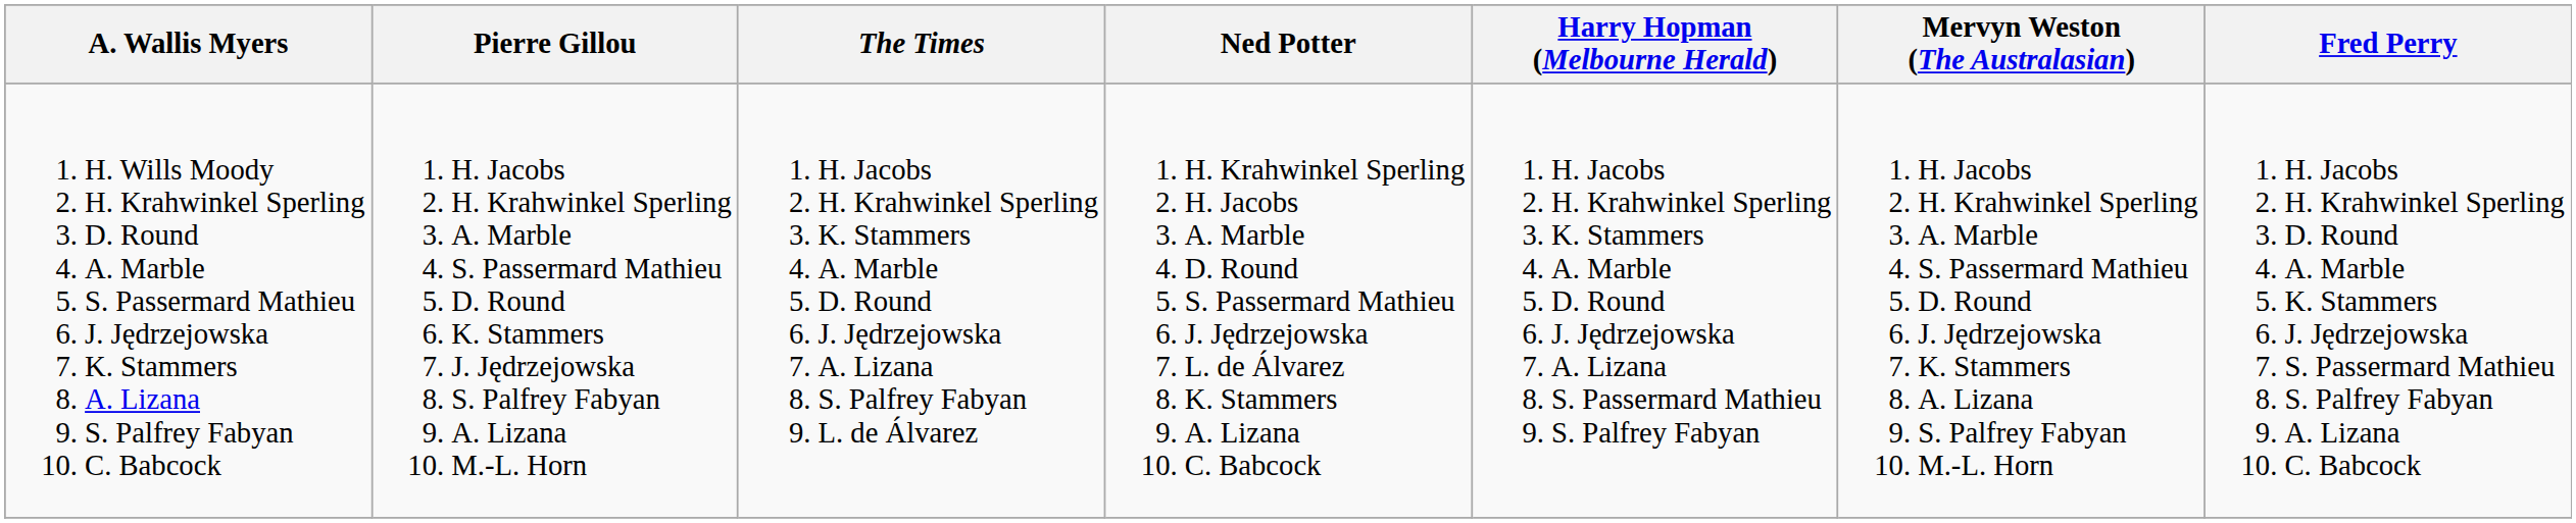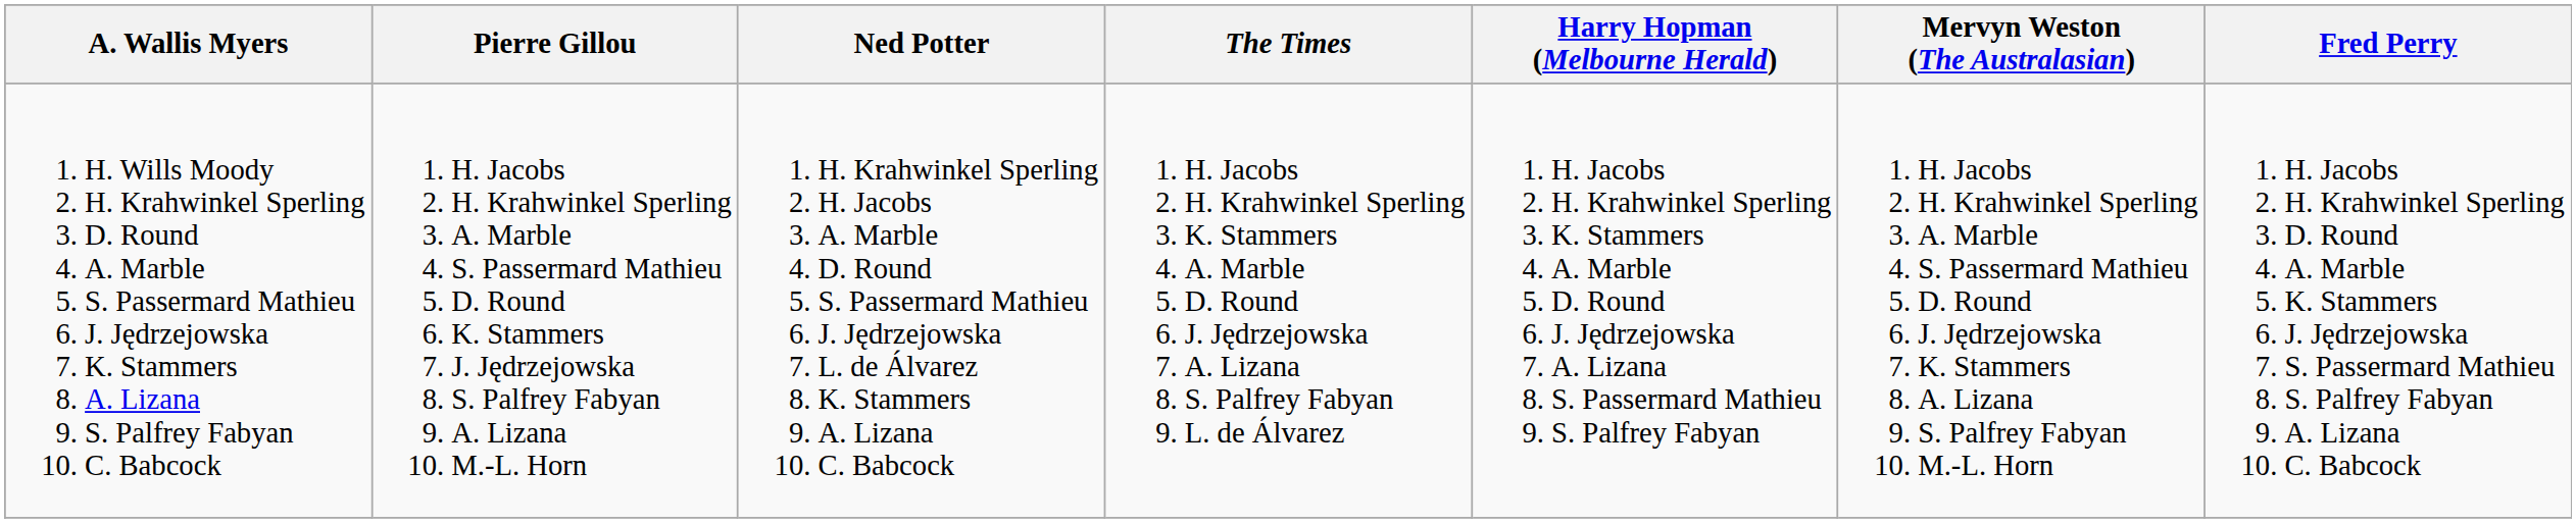 <table class="wikitable">
 <tr>
 <th>A. Wallis Myers</th>
 <th>Pierre Gillou</th>
+<th>Ned Potter</th>
 <th><em>The Times</em></th>
-<th>Ned Potter</th>
 <th><a href='#'>Harry Hopman</a><br>(<em><a href='#'>Melbourne Herald</a></em>)</th>
 <th>Mervyn Weston<br>(<em><a href='#'>The Australasian</a></em>)</th>
 <th><a href='#'>Fred Perry</a></th>
 </tr>
 <tr style="vertical-align: top;">
 <td style="white-space: nowrap;"><br><ol><li> H. Wills Moody</li><li> H. Krahwinkel Sperling</li><li> D. Round</li><li> A. Marble</li><li> S. Passermard Mathieu</li><li> J. Jędrzejowska</li><li> K. Stammers</li><li> <a href='#'>A. Lizana</a></li><li> S. Palfrey Fabyan</li><li> C. Babcock</li></ol></td>
 <td style="white-space: nowrap;"><br><ol><li> H. Jacobs</li><li> H. Krahwinkel Sperling</li><li> A. Marble</li><li> S. Passermard Mathieu</li><li> D. Round</li><li> K. Stammers</li><li> J. Jędrzejowska</li><li> S. Palfrey Fabyan</li><li> A. Lizana</li><li> M.-L. Horn</li></ol></td>
+<td style="white-space: nowrap;"><br><ol><li> H. Krahwinkel Sperling</li><li> H. Jacobs</li><li> A. Marble</li><li> D. Round</li><li> S. Passermard Mathieu</li><li> J. Jędrzejowska</li><li> L. de Álvarez</li><li> K. Stammers</li><li> A. Lizana</li><li> C. Babcock</li></ol></td>
 <td style="white-space: nowrap;"><br><ol><li> H. Jacobs</li><li> H. Krahwinkel Sperling</li><li> K. Stammers</li><li> A. Marble</li><li> D. Round</li><li> J. Jędrzejowska</li><li> A. Lizana</li><li> S. Palfrey Fabyan</li><li> L. de Álvarez</li></ol></td>
-<td style="white-space: nowrap;"><br><ol><li> H. Krahwinkel Sperling</li><li> H. Jacobs</li><li> A. Marble</li><li> D. Round</li><li> S. Passermard Mathieu</li><li> J. Jędrzejowska</li><li> L. de Álvarez</li><li> K. Stammers</li><li> A. Lizana</li><li> C. Babcock</li></ol></td>
 <td style="white-space: nowrap;"><br><ol><li> H. Jacobs</li><li> H. Krahwinkel Sperling</li><li> K. Stammers</li><li> A. Marble</li><li> D. Round</li><li> J. Jędrzejowska</li><li> A. Lizana</li><li> S. Passermard Mathieu</li><li> S. Palfrey Fabyan</li></ol></td>
 <td style="white-space: nowrap;"><br><ol><li> H. Jacobs</li><li> H. Krahwinkel Sperling</li><li> A. Marble</li><li> S. Passermard Mathieu</li><li> D. Round</li><li> J. Jędrzejowska</li><li> K. Stammers</li><li> A. Lizana</li><li> S. Palfrey Fabyan</li><li> M.-L. Horn</li></ol></td>
 <td style="white-space: nowrap;"><br><ol><li> H. Jacobs</li><li> H. Krahwinkel Sperling</li><li> D. Round</li><li> A. Marble</li><li> K. Stammers</li><li> J. Jędrzejowska</li><li> S. Passermard Mathieu</li><li> S. Palfrey Fabyan</li><li> A. Lizana</li><li> C. Babcock</li></ol></td>
 </tr>
 </table>
